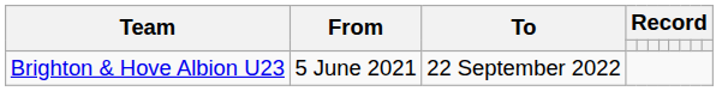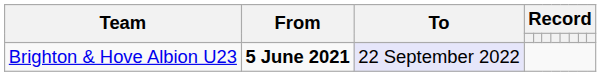 <table class=wikitable style="text-align:center">
 <tr>
 <th rowspan="2">Team</th>
 <th rowspan="2">From</th>
 <th rowspan="2">To</th>
 <th colspan="8">Record</th>
 </tr>
 <tr>
 <th></th>
 <th></th>
 <th></th>
 <th></th>
 <th></th>
 <th></th>
 <th></th>
 <th></th>
 </tr>
 <tr>
 <td align=left><a href='#'>Brighton & Hove Albion U23</a></td>
-<td align=left>5 June 2021</td>
-<td align=left>22 September 2022<br></td>
+<td align=left><strong>5 June 2021</strong></td>
+<td align=left style="background: lavender;">22 September 2022<br></td>
 </tr>
 </table>
